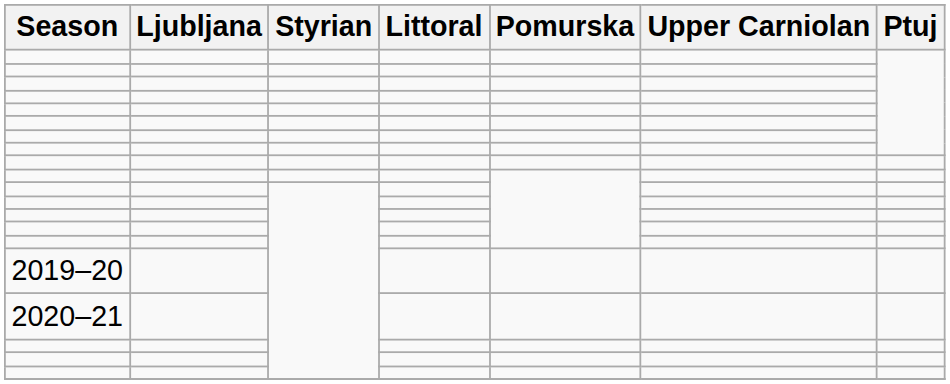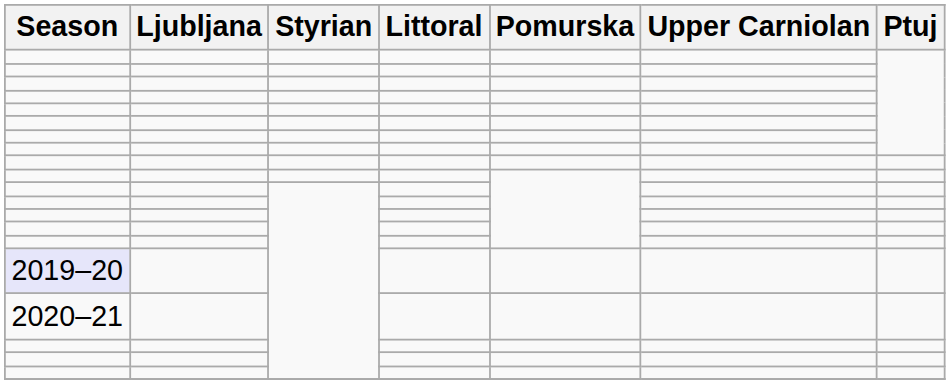 <table class="wikitable">
 <tr>
 <th>Season</th>
 <th>Ljubljana</th>
 <th>Styrian</th>
 <th>Littoral</th>
 <th>Pomurska</th>
 <th>Upper Carniolan</th>
 <th>Ptuj</th>
 </tr>
 <tr>
 <td></td>
 <td></td>
 <td></td>
 <td></td>
 <td></td>
 <td></td>
 <td rowspan="8"></td>
 </tr>
 <tr>
 <td></td>
 <td></td>
 <td></td>
 <td></td>
 <td></td>
 <td></td>
 </tr>
 <tr>
 <td></td>
 <td></td>
 <td></td>
 <td></td>
 <td></td>
 <td></td>
 </tr>
 <tr>
 <td></td>
 <td></td>
 <td></td>
 <td></td>
 <td></td>
 <td></td>
 </tr>
 <tr>
 <td></td>
 <td></td>
 <td></td>
 <td></td>
 <td></td>
 <td></td>
 </tr>
 <tr>
 <td></td>
 <td></td>
 <td></td>
 <td></td>
 <td></td>
 <td></td>
 </tr>
 <tr>
 <td></td>
 <td></td>
 <td></td>
 <td></td>
 <td></td>
 <td></td>
 </tr>
 <tr>
 <td></td>
 <td></td>
 <td></td>
 <td></td>
 <td></td>
 <td></td>
 </tr>
 <tr>
 <td></td>
 <td></td>
 <td></td>
 <td></td>
 <td></td>
 <td></td>
 <td></td>
 </tr>
 <tr>
 <td></td>
 <td></td>
 <td></td>
 <td></td>
 <td rowspan="6"></td>
 <td></td>
 <td></td>
 </tr>
 <tr>
 <td></td>
 <td></td>
 <td rowspan="10"></td>
 <td></td>
 <td></td>
 <td></td>
 </tr>
 <tr>
 <td></td>
 <td></td>
 <td></td>
 <td></td>
 <td></td>
 </tr>
 <tr>
 <td></td>
 <td></td>
 <td></td>
 <td></td>
 <td></td>
 </tr>
 <tr>
 <td></td>
 <td></td>
 <td></td>
 <td></td>
 <td></td>
 </tr>
 <tr>
 <td></td>
 <td></td>
 <td></td>
 <td></td>
 <td></td>
 </tr>
 <tr>
-<td>2019–20</td>
+<td style="background: lavender;">2019–20</td>
 <td></td>
 <td></td>
 <td></td>
 <td></td>
 <td></td>
 </tr>
 <tr>
 <td>2020–21</td>
 <td></td>
 <td></td>
 <td></td>
 <td></td>
 <td></td>
 </tr>
 <tr>
 <td></td>
 <td></td>
 <td></td>
 <td></td>
 <td></td>
 <td></td>
 </tr>
 <tr>
 <td></td>
 <td></td>
 <td></td>
 <td></td>
 <td></td>
 <td></td>
 </tr>
 <tr>
 <td></td>
 <td></td>
 <td></td>
 <td></td>
 <td></td>
 <td></td>
 </tr>
 <tr>
 </tr>
 </table>
